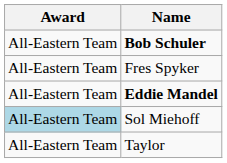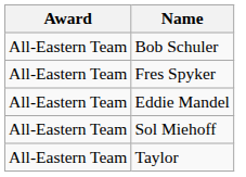 <table class="wikitable" style="font-size: 95%; text-align: center;">
 <tr>
 <th>Award</th>
 <th>Name</th>
 </tr>
 <tr>
 <td>All-Eastern Team</td>
-<td align="left"><strong> Bob Schuler</strong></td>
+<td align="left"> Bob Schuler</td>
 </tr>
 <tr>
 <td>All-Eastern Team</td>
 <td align="left"> Fres Spyker</td>
 </tr>
 <tr>
 <td>All-Eastern Team</td>
-<td align="left"><strong> Eddie Mandel</strong></td>
+<td align="left"> Eddie Mandel</td>
 </tr>
 <tr>
-<td style="background: lightblue;">All-Eastern Team</td>
+<td>All-Eastern Team</td>
 <td align="left"> Sol Miehoff</td>
 </tr>
 <tr>
 <td>All-Eastern Team</td>
 <td align="left"> Taylor</td>
 </tr>
 </table>
